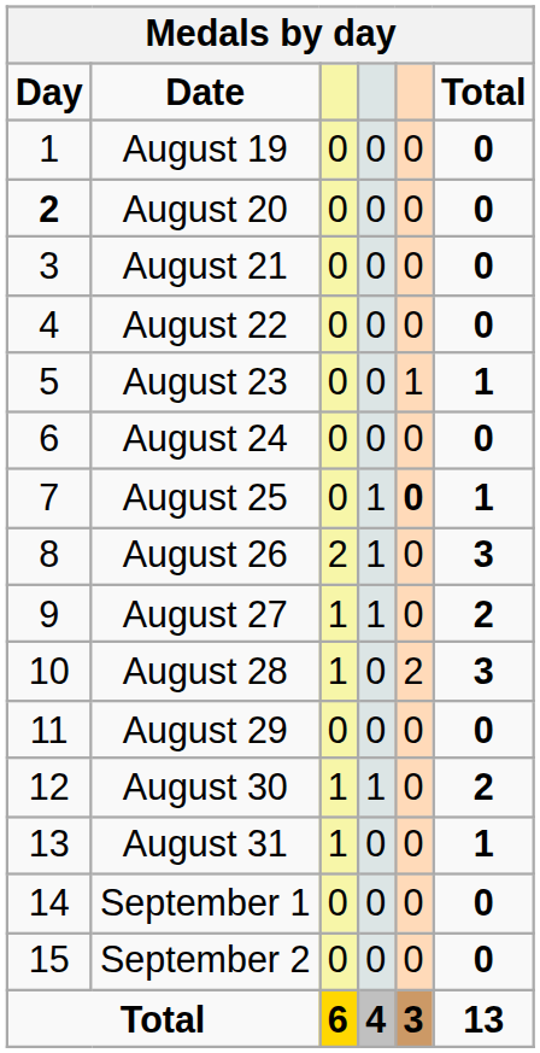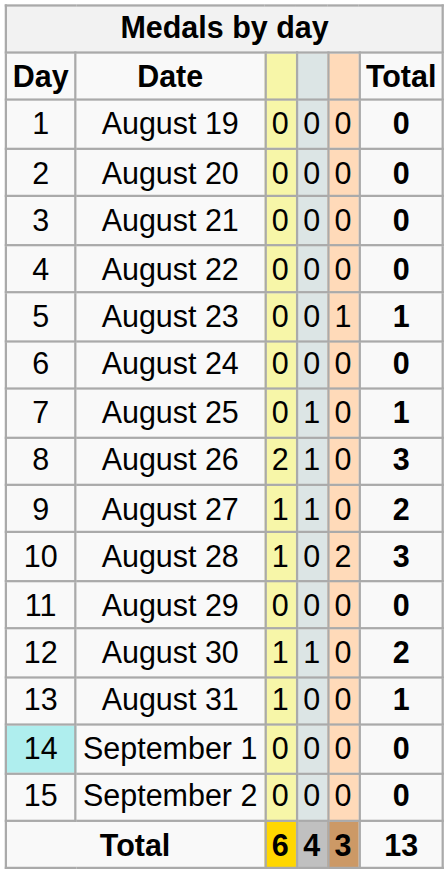 <table class=wikitable style="font-size:85%; float:right;text-align:center">
 <tr>
 <th colspan=7>Medals by day</th>
 </tr>
 <tr>
 <td><strong>Day</strong></td>
 <td><strong>Date</strong></td>
 <td bgcolor=F7F6A8></td>
 <td bgcolor=DCE5E5></td>
 <td bgcolor=FFDAB9></td>
 <td><strong>Total</strong></td>
 </tr>
 <tr>
 <td>1</td>
 <td>August 19</td>
 <td bgcolor=F7F6A8>0</td>
 <td bgcolor=DCE5E5>0</td>
 <td bgcolor=FFDAB9>0</td>
 <td><strong>0</strong></td>
 </tr>
 <tr>
-<td><strong>2</strong></td>
+<td>2</td>
 <td>August 20</td>
 <td bgcolor=F7F6A8>0</td>
 <td bgcolor=DCE5E5>0</td>
 <td bgcolor=FFDAB9>0</td>
 <td><strong>0</strong></td>
 </tr>
 <tr>
 <td>3</td>
 <td>August 21</td>
 <td bgcolor=F7F6A8>0</td>
 <td bgcolor=DCE5E5>0</td>
 <td bgcolor=FFDAB9>0</td>
 <td><strong>0</strong></td>
 </tr>
 <tr>
 <td>4</td>
 <td>August 22</td>
 <td bgcolor=F7F6A8>0</td>
 <td bgcolor=DCE5E5>0</td>
 <td bgcolor=FFDAB9>0</td>
 <td><strong>0</strong></td>
 </tr>
 <tr>
 <td>5</td>
 <td>August 23</td>
 <td bgcolor=F7F6A8>0</td>
 <td bgcolor=DCE5E5>0</td>
 <td bgcolor=FFDAB9>1</td>
 <td><strong>1</strong></td>
 </tr>
 <tr>
 <td>6</td>
 <td>August 24</td>
 <td bgcolor=F7F6A8>0</td>
 <td bgcolor=DCE5E5>0</td>
 <td bgcolor=FFDAB9>0</td>
 <td><strong>0</strong></td>
 </tr>
 <tr>
 <td>7</td>
 <td>August 25</td>
 <td bgcolor=F7F6A8>0</td>
 <td bgcolor=DCE5E5>1</td>
-<td bgcolor=FFDAB9><strong>0</strong></td>
+<td bgcolor=FFDAB9>0</td>
 <td><strong>1</strong></td>
 </tr>
 <tr>
 <td>8</td>
 <td>August 26</td>
 <td bgcolor=F7F6A8>2</td>
 <td bgcolor=DCE5E5>1</td>
 <td bgcolor=FFDAB9>0</td>
 <td><strong>3</strong></td>
 </tr>
 <tr>
 <td>9</td>
 <td>August 27</td>
 <td bgcolor=F7F6A8>1</td>
 <td bgcolor=DCE5E5>1</td>
 <td bgcolor=FFDAB9>0</td>
 <td><strong>2</strong></td>
 </tr>
 <tr>
 <td>10</td>
 <td>August 28</td>
 <td bgcolor=F7F6A8>1</td>
 <td bgcolor=DCE5E5>0</td>
 <td bgcolor=FFDAB9>2</td>
 <td><strong>3</strong></td>
 </tr>
 <tr>
 <td>11</td>
 <td>August 29</td>
 <td bgcolor=F7F6A8>0</td>
 <td bgcolor=DCE5E5>0</td>
 <td bgcolor=FFDAB9>0</td>
 <td><strong>0</strong></td>
 </tr>
 <tr>
 <td>12</td>
 <td>August 30</td>
 <td bgcolor=F7F6A8>1</td>
 <td bgcolor=DCE5E5>1</td>
 <td bgcolor=FFDAB9>0</td>
 <td><strong>2</strong></td>
 </tr>
 <tr>
 <td>13</td>
 <td>August 31</td>
 <td bgcolor=F7F6A8>1</td>
 <td bgcolor=DCE5E5>0</td>
 <td bgcolor=FFDAB9>0</td>
 <td><strong>1</strong></td>
 </tr>
 <tr>
-<td>14</td>
+<td style="background: paleturquoise;">14</td>
 <td>September 1</td>
 <td bgcolor=F7F6A8>0</td>
 <td bgcolor=DCE5E5>0</td>
 <td bgcolor=FFDAB9>0</td>
 <td><strong>0</strong></td>
 </tr>
 <tr>
 <td>15</td>
 <td>September 2</td>
 <td bgcolor=F7F6A8>0</td>
 <td bgcolor=DCE5E5>0</td>
 <td bgcolor=FFDAB9>0</td>
 <td><strong>0</strong></td>
 </tr>
 <tr>
 <td colspan=2><strong>Total</strong></td>
 <td style="background:gold;"><strong>6</strong></td>
 <td style="background:silver;"><strong>4</strong></td>
 <td style="background:#c96;"><strong>3</strong></td>
 <td><strong>13</strong></td>
 </tr>
 </table>
